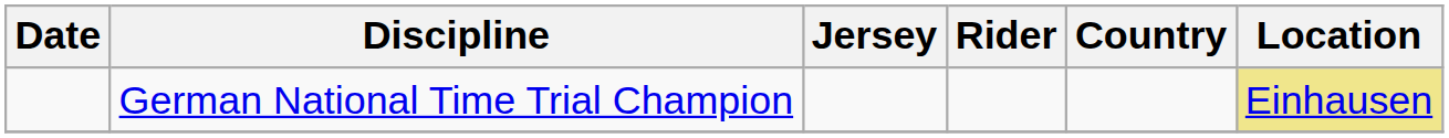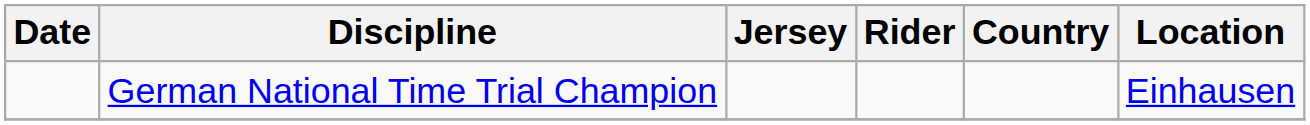 <table class="wikitable">
 <tr>
 <th>Date</th>
 <th>Discipline</th>
 <th>Jersey</th>
 <th>Rider</th>
 <th>Country</th>
 <th>Location</th>
 </tr>
 <tr>
 <td></td>
 <td><a href='#'>German National Time Trial Champion</a></td>
 <td></td>
 <td></td>
 <td></td>
-<td style="background: khaki;"><a href='#'>Einhausen</a></td>
+<td><a href='#'>Einhausen</a></td>
 </tr>
 <tr>
 </tr>
 </table>
